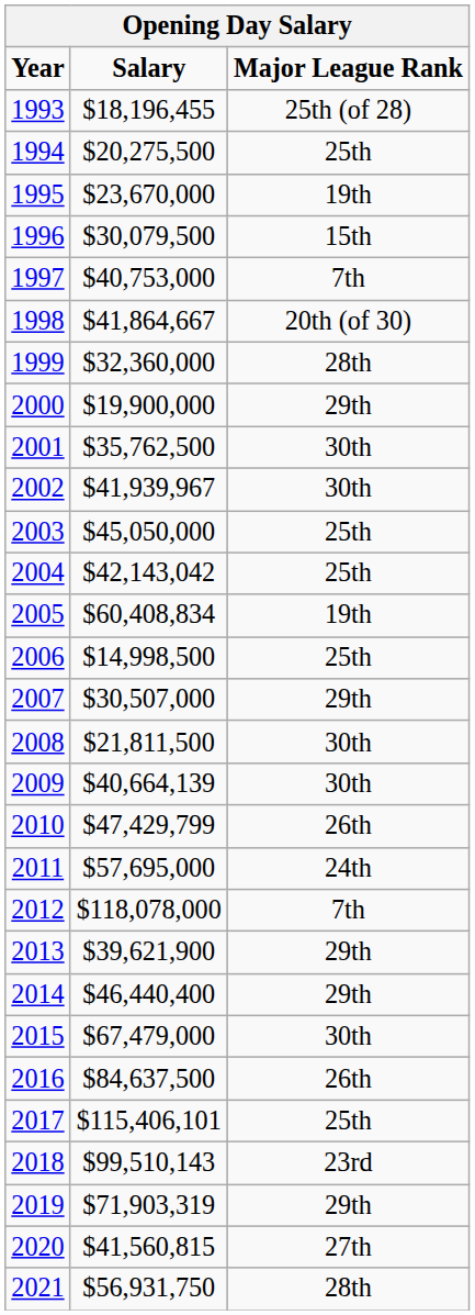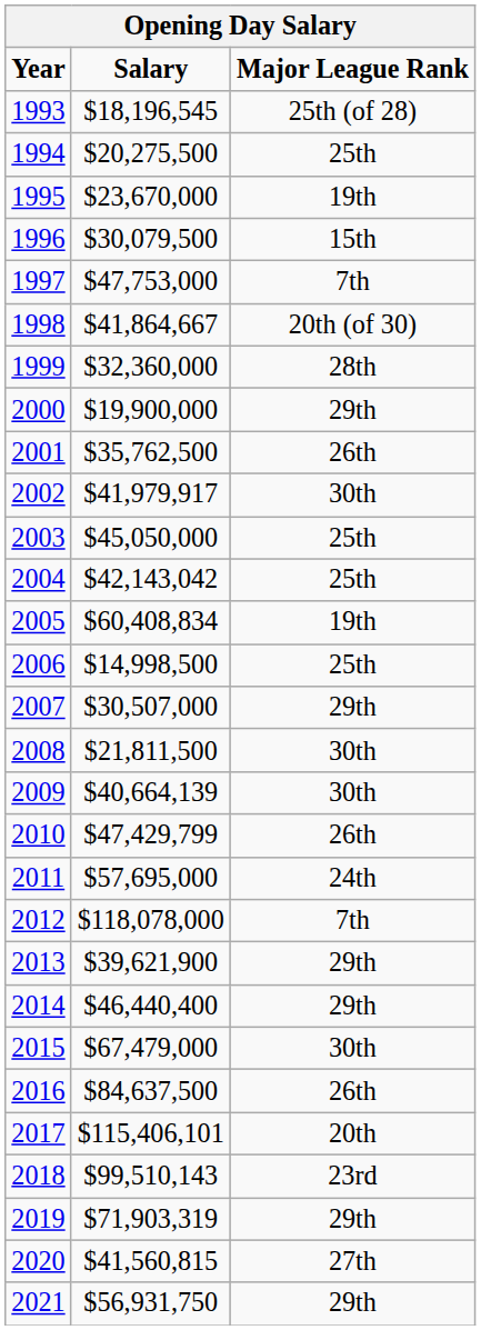 <table class="wikitable" style="text-align:center">
 <tr>
 <th colspan=5>Opening Day Salary</th>
 </tr>
 <tr>
 <td><strong>Year</strong></td>
 <td><strong>Salary</strong></td>
 <td><strong>Major League Rank</strong></td>
 </tr>
 <tr>
 <td><a href='#'>1993</a></td>
-<td>$18,196,455</td>
+<td>$18,196,545</td>
 <td>25th (of 28)</td>
 </tr>
 <tr>
 <td><a href='#'>1994</a></td>
 <td>$20,275,500</td>
 <td>25th</td>
 </tr>
 <tr>
 <td><a href='#'>1995</a></td>
 <td>$23,670,000</td>
 <td>19th</td>
 </tr>
 <tr>
 <td><a href='#'>1996</a></td>
 <td>$30,079,500</td>
 <td>15th</td>
 </tr>
 <tr>
 <td><a href='#'>1997</a></td>
-<td>$40,753,000</td>
+<td>$47,753,000</td>
 <td>7th</td>
 </tr>
 <tr>
 <td><a href='#'>1998</a></td>
 <td>$41,864,667</td>
 <td>20th (of 30)</td>
 </tr>
 <tr>
 <td><a href='#'>1999</a></td>
 <td>$32,360,000</td>
 <td>28th</td>
 </tr>
 <tr>
 <td><a href='#'>2000</a></td>
 <td>$19,900,000</td>
 <td>29th</td>
 </tr>
 <tr>
 <td><a href='#'>2001</a></td>
 <td>$35,762,500</td>
-<td>30th</td>
+<td>26th</td>
 </tr>
 <tr>
 <td><a href='#'>2002</a></td>
-<td>$41,939,967</td>
+<td>$41,979,917</td>
 <td>30th</td>
 </tr>
 <tr>
 <td><a href='#'>2003</a></td>
 <td>$45,050,000</td>
 <td>25th</td>
 </tr>
 <tr>
 <td><a href='#'>2004</a></td>
 <td>$42,143,042</td>
 <td>25th</td>
 </tr>
 <tr>
 <td><a href='#'>2005</a></td>
 <td>$60,408,834</td>
 <td>19th</td>
 </tr>
 <tr>
 <td><a href='#'>2006</a></td>
 <td>$14,998,500</td>
 <td>25th</td>
 </tr>
 <tr>
 <td><a href='#'>2007</a></td>
 <td>$30,507,000</td>
 <td>29th</td>
 </tr>
 <tr>
 <td><a href='#'>2008</a></td>
 <td>$21,811,500</td>
 <td>30th</td>
 </tr>
 <tr>
 <td><a href='#'>2009</a></td>
 <td>$40,664,139</td>
 <td>30th</td>
 </tr>
 <tr>
 <td><a href='#'>2010</a></td>
 <td>$47,429,799</td>
 <td>26th</td>
 </tr>
 <tr>
 <td><a href='#'>2011</a></td>
 <td>$57,695,000</td>
 <td>24th</td>
 </tr>
 <tr>
 <td><a href='#'>2012</a></td>
 <td>$118,078,000</td>
 <td>7th</td>
 </tr>
 <tr>
 <td><a href='#'>2013</a></td>
 <td>$39,621,900</td>
 <td>29th</td>
 </tr>
 <tr>
 <td><a href='#'>2014</a></td>
 <td>$46,440,400</td>
 <td>29th</td>
 </tr>
 <tr>
 <td><a href='#'>2015</a></td>
 <td>$67,479,000</td>
 <td>30th</td>
 </tr>
 <tr>
 <td><a href='#'>2016</a></td>
 <td>$84,637,500</td>
 <td>26th</td>
 </tr>
 <tr>
 <td><a href='#'>2017</a></td>
 <td>$115,406,101</td>
-<td>25th</td>
+<td>20th</td>
 </tr>
 <tr>
 <td><a href='#'>2018</a></td>
 <td>$99,510,143</td>
 <td>23rd</td>
 </tr>
 <tr>
 <td><a href='#'>2019</a></td>
 <td>$71,903,319</td>
 <td>29th</td>
 </tr>
 <tr>
 <td><a href='#'>2020</a></td>
 <td>$41,560,815</td>
 <td>27th</td>
 </tr>
 <tr>
 <td><a href='#'>2021</a></td>
 <td>$56,931,750</td>
-<td>28th</td>
+<td>29th</td>
 </tr>
 </table>
